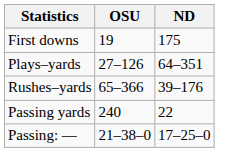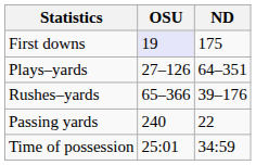 <table class="wikitable" style="float:left">
 <tr>
 <th>Statistics</th>
 <th>OSU</th>
 <th>ND</th>
 </tr>
 <tr>
 <td>First downs</td>
-<td>19</td>
+<td style="background: lavender;">19</td>
 <td>175</td>
 </tr>
 <tr>
 <td>Plays–yards</td>
 <td>27–126</td>
 <td>64–351</td>
 </tr>
 <tr>
 <td>Rushes–yards</td>
 <td>65–366</td>
 <td>39–176</td>
 </tr>
 <tr>
 <td>Passing yards</td>
 <td>240</td>
 <td>22</td>
 </tr>
 <tr>
-<td>Passing: ––</td>
-<td>21–38–0</td>
-<td>17–25–0</td>
+<td>Time of possession</td>
+<td>25:01</td>
+<td>34:59</td>
 </tr>
 </table>
